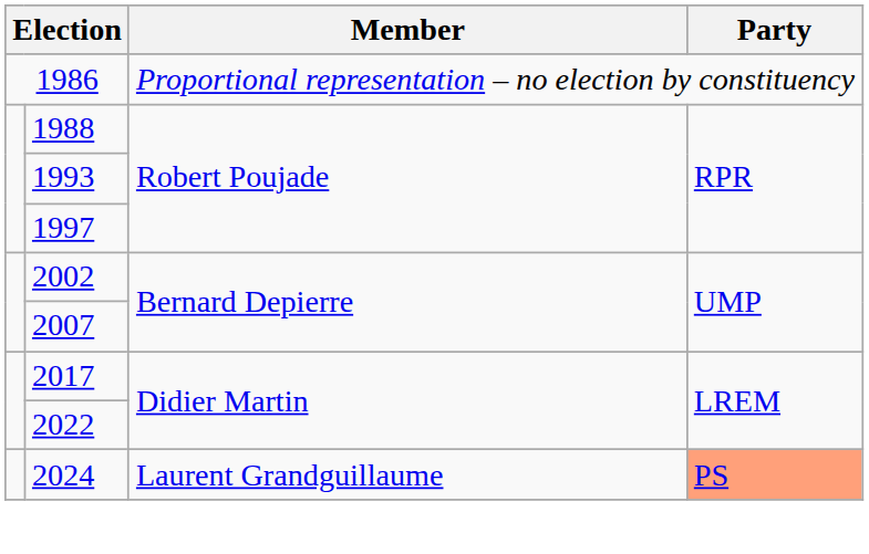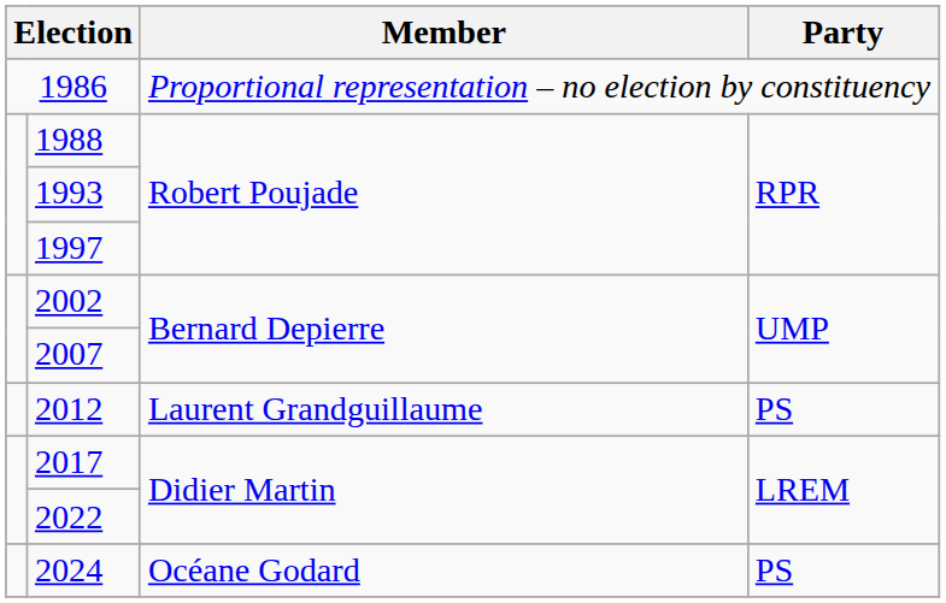 <table class="wikitable">
 <tr>
 <th colspan="2">Election</th>
 <th>Member</th>
 <th>Party</th>
 </tr>
 <tr>
 <td colspan="2" align="center"><a href='#'>1986</a></td>
 <td colspan="2"><em><a href='#'>Proportional representation</a> – no election by constituency</em></td>
 </tr>
 <tr>
 <td rowspan="3" style="color:inherit;background-color: "></td>
 <td><a href='#'>1988</a></td>
 <td rowspan="3"><a href='#'>Robert Poujade</a></td>
 <td rowspan="3"><a href='#'>RPR</a></td>
 </tr>
 <tr>
 <td><a href='#'>1993</a></td>
 </tr>
 <tr>
 <td><a href='#'>1997</a></td>
 </tr>
 <tr>
 <td rowspan="2" style="color:inherit;background-color: "></td>
 <td><a href='#'>2002</a></td>
 <td rowspan="2"><a href='#'>Bernard Depierre</a></td>
 <td rowspan="2"><a href='#'>UMP</a></td>
 </tr>
 <tr>
 <td><a href='#'>2007</a></td>
 </tr>
 <tr>
+<td style="color:inherit;background-color: "></td>
+<td><a href='#'>2012</a></td>
+<td><a href='#'>Laurent Grandguillaume</a></td>
+<td><a href='#'>PS</a></td>
+</tr>
+<tr>
 <td rowspan="2" style="color:inherit;background-color: "></td>
 <td><a href='#'>2017</a></td>
 <td rowspan="2"><a href='#'>Didier Martin</a></td>
 <td rowspan="2"><a href='#'>LREM</a></td>
 </tr>
 <tr>
 <td><a href='#'>2022</a></td>
 </tr>
 <tr>
 <td style="color:inherit;background-color: "></td>
 <td><a href='#'>2024</a></td>
-<td><a href='#'>Laurent Grandguillaume</a></td>
-<td style="background: lightsalmon;"><a href='#'>PS</a></td>
+<td><a href='#'>Océane Godard</a></td>
+<td><a href='#'>PS</a></td>
 </tr>
 </table>
